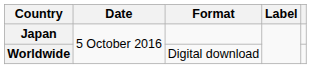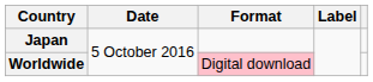 <table class="wikitable plainrowheaders">
 <tr>
 <th scope="col">Country</th>
 <th scope="col">Date</th>
 <th scope="col">Format</th>
 <th scope="col">Label</th>
 <th scope="col"></th>
 </tr>
 <tr>
 <th scope="row">Japan</th>
 <td rowspan="2">5 October 2016</td>
 <td></td>
 <td rowspan="2"></td>
 <td></td>
 </tr>
 <tr>
 <th scope="row">Worldwide</th>
-<td>Digital download</td>
+<td style="background: pink;">Digital download</td>
 <td></td>
 </tr>
 </table>
